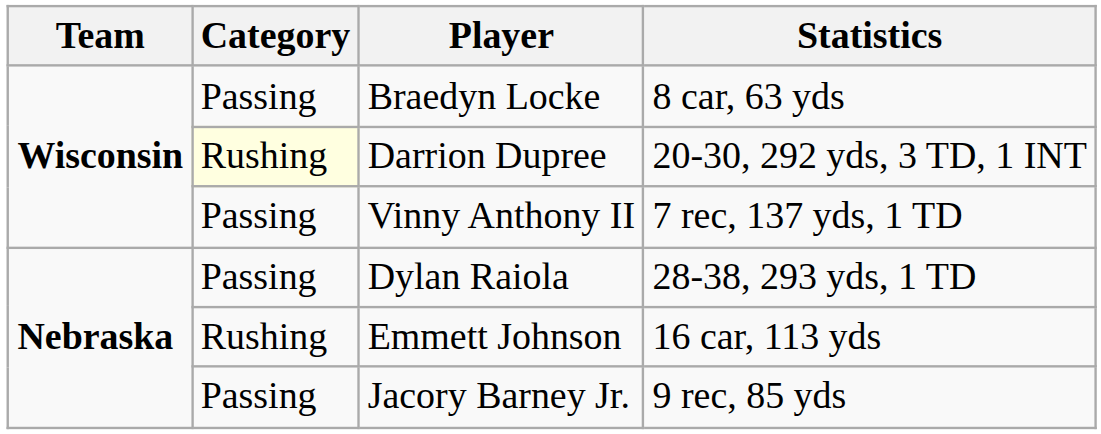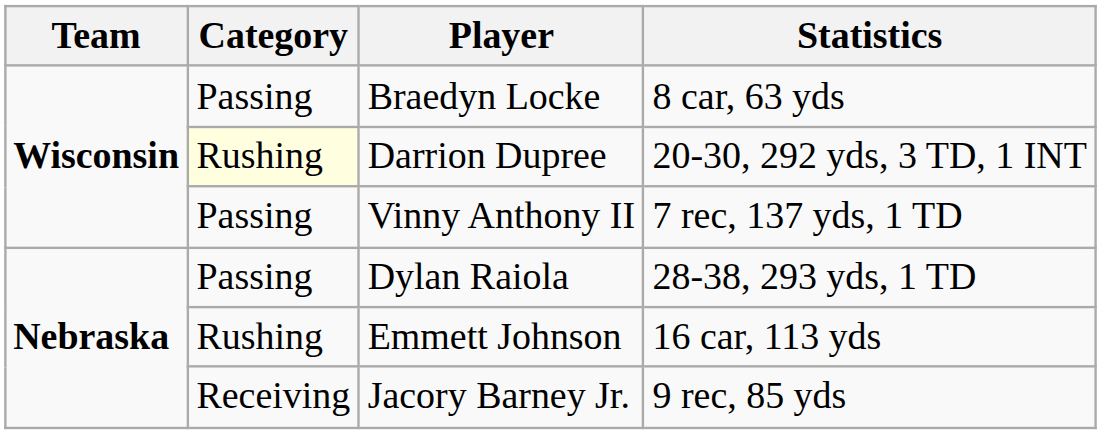 <table class="wikitable" style="float: right;">
 <tr>
 <th>Team</th>
 <th>Category</th>
 <th>Player</th>
 <th>Statistics</th>
 </tr>
 <tr>
 <td rowspan=3><strong>Wisconsin</strong></td>
 <td>Passing</td>
 <td>Braedyn Locke</td>
 <td>8 car, 63 yds</td>
 </tr>
 <tr>
 <td style="background: lightyellow;">Rushing</td>
 <td>Darrion Dupree</td>
 <td>20-30, 292 yds, 3 TD, 1 INT</td>
 </tr>
 <tr>
 <td>Passing</td>
 <td>Vinny Anthony II</td>
 <td>7 rec, 137 yds, 1 TD</td>
 </tr>
 <tr>
 <td rowspan=3><strong>Nebraska</strong></td>
 <td>Passing</td>
 <td>Dylan Raiola</td>
 <td>28-38, 293 yds, 1 TD</td>
 </tr>
 <tr>
 <td>Rushing</td>
 <td>Emmett Johnson</td>
 <td>16 car, 113 yds</td>
 </tr>
 <tr>
-<td>Passing</td>
+<td>Receiving</td>
 <td>Jacory Barney Jr.</td>
 <td>9 rec, 85 yds</td>
 </tr>
 </table>
